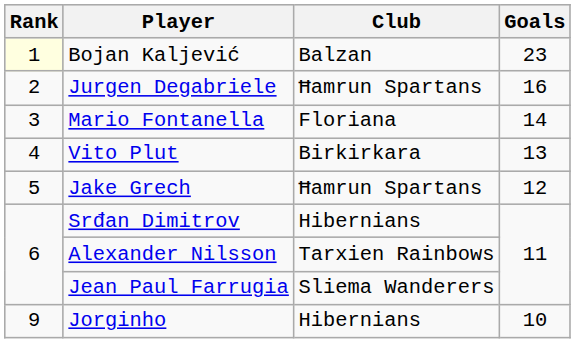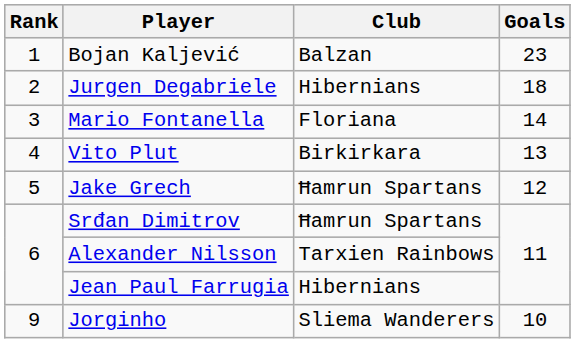 <table class="wikitable" style="text-align:center">
 <tr>
 <th>Rank</th>
 <th>Player</th>
 <th>Club</th>
 <th>Goals</th>
 </tr>
 <tr>
-<td style="background: lightyellow;">1</td>
+<td>1</td>
 <td align="left"> Bojan Kaljević</td>
 <td align="left">Balzan</td>
 <td>23</td>
 </tr>
 <tr>
 <td>2</td>
 <td align="left"> <a href='#'>Jurgen Degabriele</a></td>
-<td align="left">Ħamrun Spartans</td>
-<td>16</td>
+<td align="left">Hibernians</td>
+<td>18</td>
 </tr>
 <tr>
 <td>3</td>
 <td align="left"> <a href='#'>Mario Fontanella</a></td>
 <td align="left">Floriana</td>
 <td>14</td>
 </tr>
 <tr>
 <td>4</td>
 <td align="left"> <a href='#'>Vito Plut</a></td>
 <td align="left">Birkirkara</td>
 <td>13</td>
 </tr>
 <tr>
 <td>5</td>
 <td align="left"> <a href='#'>Jake Grech</a></td>
 <td align="left">Ħamrun Spartans</td>
 <td>12</td>
 </tr>
 <tr>
 <td rowspan="3">6</td>
 <td align="left"> <a href='#'>Srđan Dimitrov</a></td>
-<td align="left">Hibernians</td>
+<td align="left">Ħamrun Spartans</td>
 <td rowspan="3">11</td>
 </tr>
 <tr>
 <td align="left"> <a href='#'>Alexander Nilsson</a></td>
 <td align="left">Tarxien Rainbows</td>
 </tr>
 <tr>
 <td align="left"> <a href='#'>Jean Paul Farrugia</a></td>
-<td align="left">Sliema Wanderers</td>
+<td align="left">Hibernians</td>
 </tr>
 <tr>
 <td>9</td>
 <td align="left"> <a href='#'>Jorginho</a></td>
-<td align="left">Hibernians</td>
+<td align="left">Sliema Wanderers</td>
 <td>10</td>
 </tr>
 </table>
